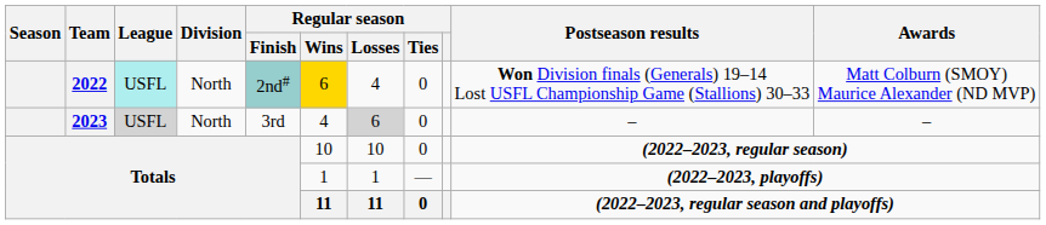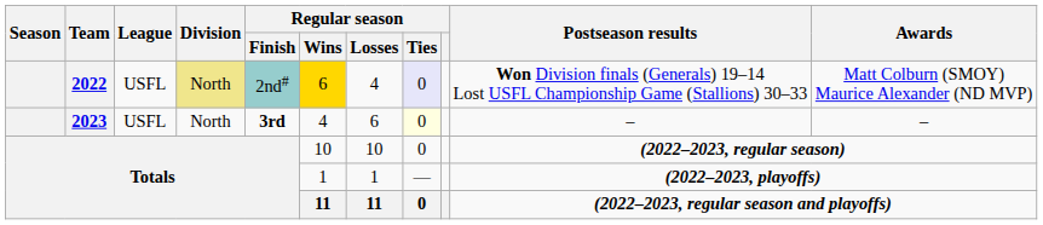 <table class="wikitable" style="text-align:center;">
 <tr>
 <th rowspan="2">Season</th>
 <th rowspan="2">Team</th>
 <th rowspan="2">League</th>
 <th rowspan="2">Division</th>
 <th colspan="5">Regular season</th>
 <th rowspan="2">Postseason results</th>
 <th rowspan="2">Awards</th>
 </tr>
 <tr>
 <th>Finish</th>
 <th>Wins</th>
 <th>Losses</th>
 <th>Ties</th>
 <th></th>
 </tr>
 <tr>
 <th></th>
 <th><a href='#'>2022</a></th>
-<td style="background: paleturquoise;">USFL</td>
-<td>North</td>
+<td>USFL</td>
+<td style="background: khaki;">North</td>
 <td style="background:#96cdcd;">2nd<sup>#</sup></td>
 <td style="background: gold;">6</td>
 <td>4</td>
-<td>0</td>
+<td style="background: lavender;">0</td>
 <td></td>
 <td><strong>Won</strong> <a href='#'>Division finals</a> (<a href='#'>Generals</a>) 19–14<br>Lost <a href='#'>USFL Championship Game</a> (<a href='#'>Stallions</a>) 30–33</td>
 <td><a href='#'>Matt Colburn</a> (SMOY) <br> <a href='#'>Maurice Alexander</a> (ND MVP)</td>
 </tr>
 <tr>
 <th></th>
 <th><a href='#'>2023</a></th>
-<td style="background: lightgrey;">USFL</td>
+<td>USFL</td>
 <td>North</td>
-<td>3rd</td>
+<td><strong>3rd</strong></td>
 <td>4</td>
-<td style="background: lightgrey;">6</td>
-<td>0</td>
+<td>6</td>
+<td style="background: lightyellow;">0</td>
 <td></td>
 <td>–</td>
 <td>–</td>
 </tr>
 <tr>
 <th rowspan="3" colspan="5">Totals</th>
 <td>10</td>
 <td>10</td>
 <td>0</td>
 <td></td>
 <td colspan="4"><strong><em>(2022–2023, regular season)</em></strong></td>
 </tr>
 <tr>
 <td>1</td>
 <td>1</td>
 <td>—</td>
 <td></td>
 <td colspan="4"><strong><em>(2022–2023, playoffs)</em></strong></td>
 </tr>
 <tr>
 <th>11</th>
 <th>11</th>
 <th>0</th>
 <th></th>
 <td colspan="4"><strong><em>(2022–2023, regular season and playoffs)</em></strong></td>
 </tr>
 </table>
